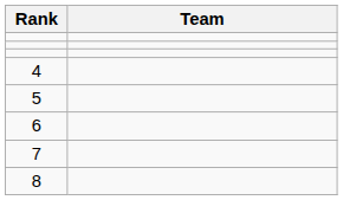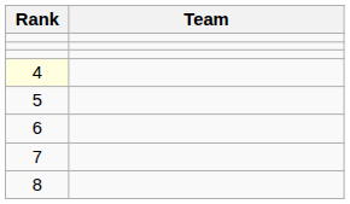 <table class="wikitable" style="text-align: center;">
 <tr>
 <th width=50>Rank</th>
 <th width=240>Team</th>
 </tr>
 <tr>
 <td></td>
 <td align=left></td>
 </tr>
 <tr>
 <td></td>
 <td align=left></td>
 </tr>
 <tr>
 <td></td>
 <td align=left></td>
 </tr>
 <tr>
-<td>4</td>
+<td style="background: lightyellow;">4</td>
 <td align=left></td>
 </tr>
 <tr>
 <td>5</td>
 <td align=left></td>
 </tr>
 <tr>
 <td>6</td>
 <td align=left></td>
 </tr>
 <tr>
 <td>7</td>
 <td align=left></td>
 </tr>
 <tr>
 <td>8</td>
 <td align=left></td>
 </tr>
 </table>
